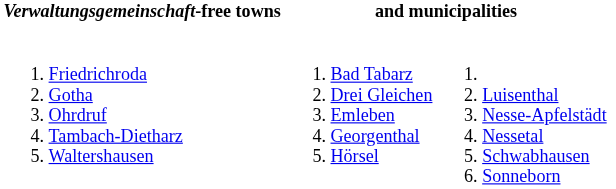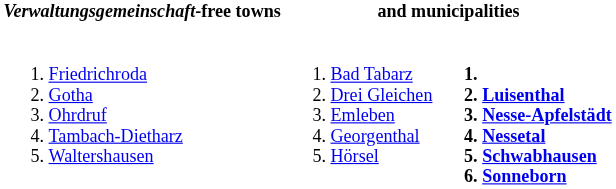 <table>
 <tr ---->
 <th><em>Verwaltungsgemeinschaft</em>-free towns</th>
 <th colspan=2>and municipalities</th>
 </tr>
 <tr>
 <td valign=top><br><ol><li><a href='#'>Friedrichroda</a></li><li><a href='#'>Gotha</a></li><li><a href='#'>Ohrdruf</a></li><li><a href='#'>Tambach-Dietharz</a></li><li><a href='#'>Waltershausen</a></li></ol></td>
 <td valign=top><br><ol><li><a href='#'>Bad Tabarz</a></li><li><a href='#'>Drei Gleichen</a></li><li><a href='#'>Emleben</a></li><li><a href='#'>Georgenthal</a></li><li><a href='#'>Hörsel</a></li></ol></td>
-<td valign=top><br><ol><li><li><a href='#'>Luisenthal</a></li><li><a href='#'>Nesse-Apfelstädt</a></li><li><a href='#'>Nessetal</a></li><li><a href='#'>Schwabhausen</a></li><li><a href='#'>Sonneborn</a></li></ol></td>
+<td valign=top><strong><br><ol><li><li><a href='#'>Luisenthal</a></li><li><a href='#'>Nesse-Apfelstädt</a></li><li><a href='#'>Nessetal</a></li><li><a href='#'>Schwabhausen</a></li><li><a href='#'>Sonneborn</a></li></ol></strong></td>
 </tr>
 </table>
